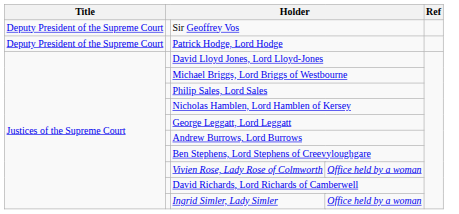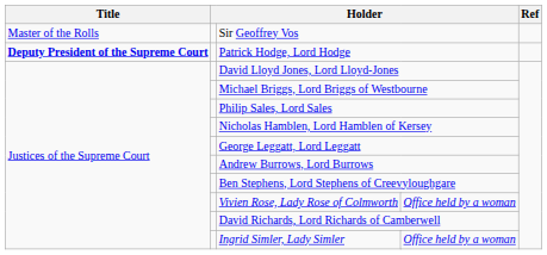 <table class="wikitable">
 <tr>
 <th>Title</th>
 <th colspan=4>Holder</th>
 <th>Ref</th>
 </tr>
 <tr>
-<td><a href='#'>Deputy President of the Supreme Court</a></td>
+<td><a href='#'>Master of the Rolls</a></td>
 <td style="background: "></td>
 <td colspan=3>Sir <a href='#'>Geoffrey Vos</a></td>
 <td></td>
 </tr>
 <tr>
-<td><a href='#'>Deputy President of the Supreme Court</a></td>
+<td><strong><a href='#'>Deputy President of the Supreme Court</a></strong></td>
 <td style="background: "></td>
 <td colspan=3><a href='#'>Patrick Hodge, Lord Hodge</a></td>
 <td></td>
 </tr>
 <tr>
 <td rowspan=10><a href='#'>Justices of the Supreme Court</a></td>
 <td style="background: "></td>
 <td colspan=3><a href='#'>David Lloyd Jones, Lord Lloyd-Jones</a></td>
 <td rowspan=10></td>
 </tr>
 <tr>
 <td style="background: "></td>
 <td colspan=3><a href='#'>Michael Briggs, Lord Briggs of Westbourne</a></td>
 </tr>
 <tr>
 <td style="background: "></td>
 <td colspan=3><a href='#'>Philip Sales, Lord Sales</a></td>
 </tr>
 <tr>
 <td style="background: "></td>
 <td colspan=3><a href='#'>Nicholas Hamblen, Lord Hamblen of Kersey</a></td>
 </tr>
 <tr>
 <td style="background: "></td>
 <td colspan=3><a href='#'>George Leggatt, Lord Leggatt</a></td>
 </tr>
 <tr>
 <td style="background: "></td>
 <td colspan=3><a href='#'>Andrew Burrows, Lord Burrows</a></td>
 </tr>
 <tr>
 <td style="background: "></td>
 <td colspan=3><a href='#'>Ben Stephens, Lord Stephens of Creevyloughgare</a></td>
 </tr>
 <tr>
 <td style="background: "></td>
 <td colspan=2><em> <a href='#'>Vivien Rose, Lady Rose of Colmworth</a></em></td>
 <td><em><a href='#'>Office held by a woman</a></em></td>
 </tr>
 <tr>
 <td style="background: "></td>
 <td colspan=3><a href='#'>David Richards, Lord Richards of Camberwell</a></td>
 </tr>
 <tr>
 <td style="background: "></td>
 <td colspan=2><em> <a href='#'>Ingrid Simler, Lady Simler</a></em></td>
 <td><em><a href='#'>Office held by a woman</a></em></td>
 </tr>
 </table>
